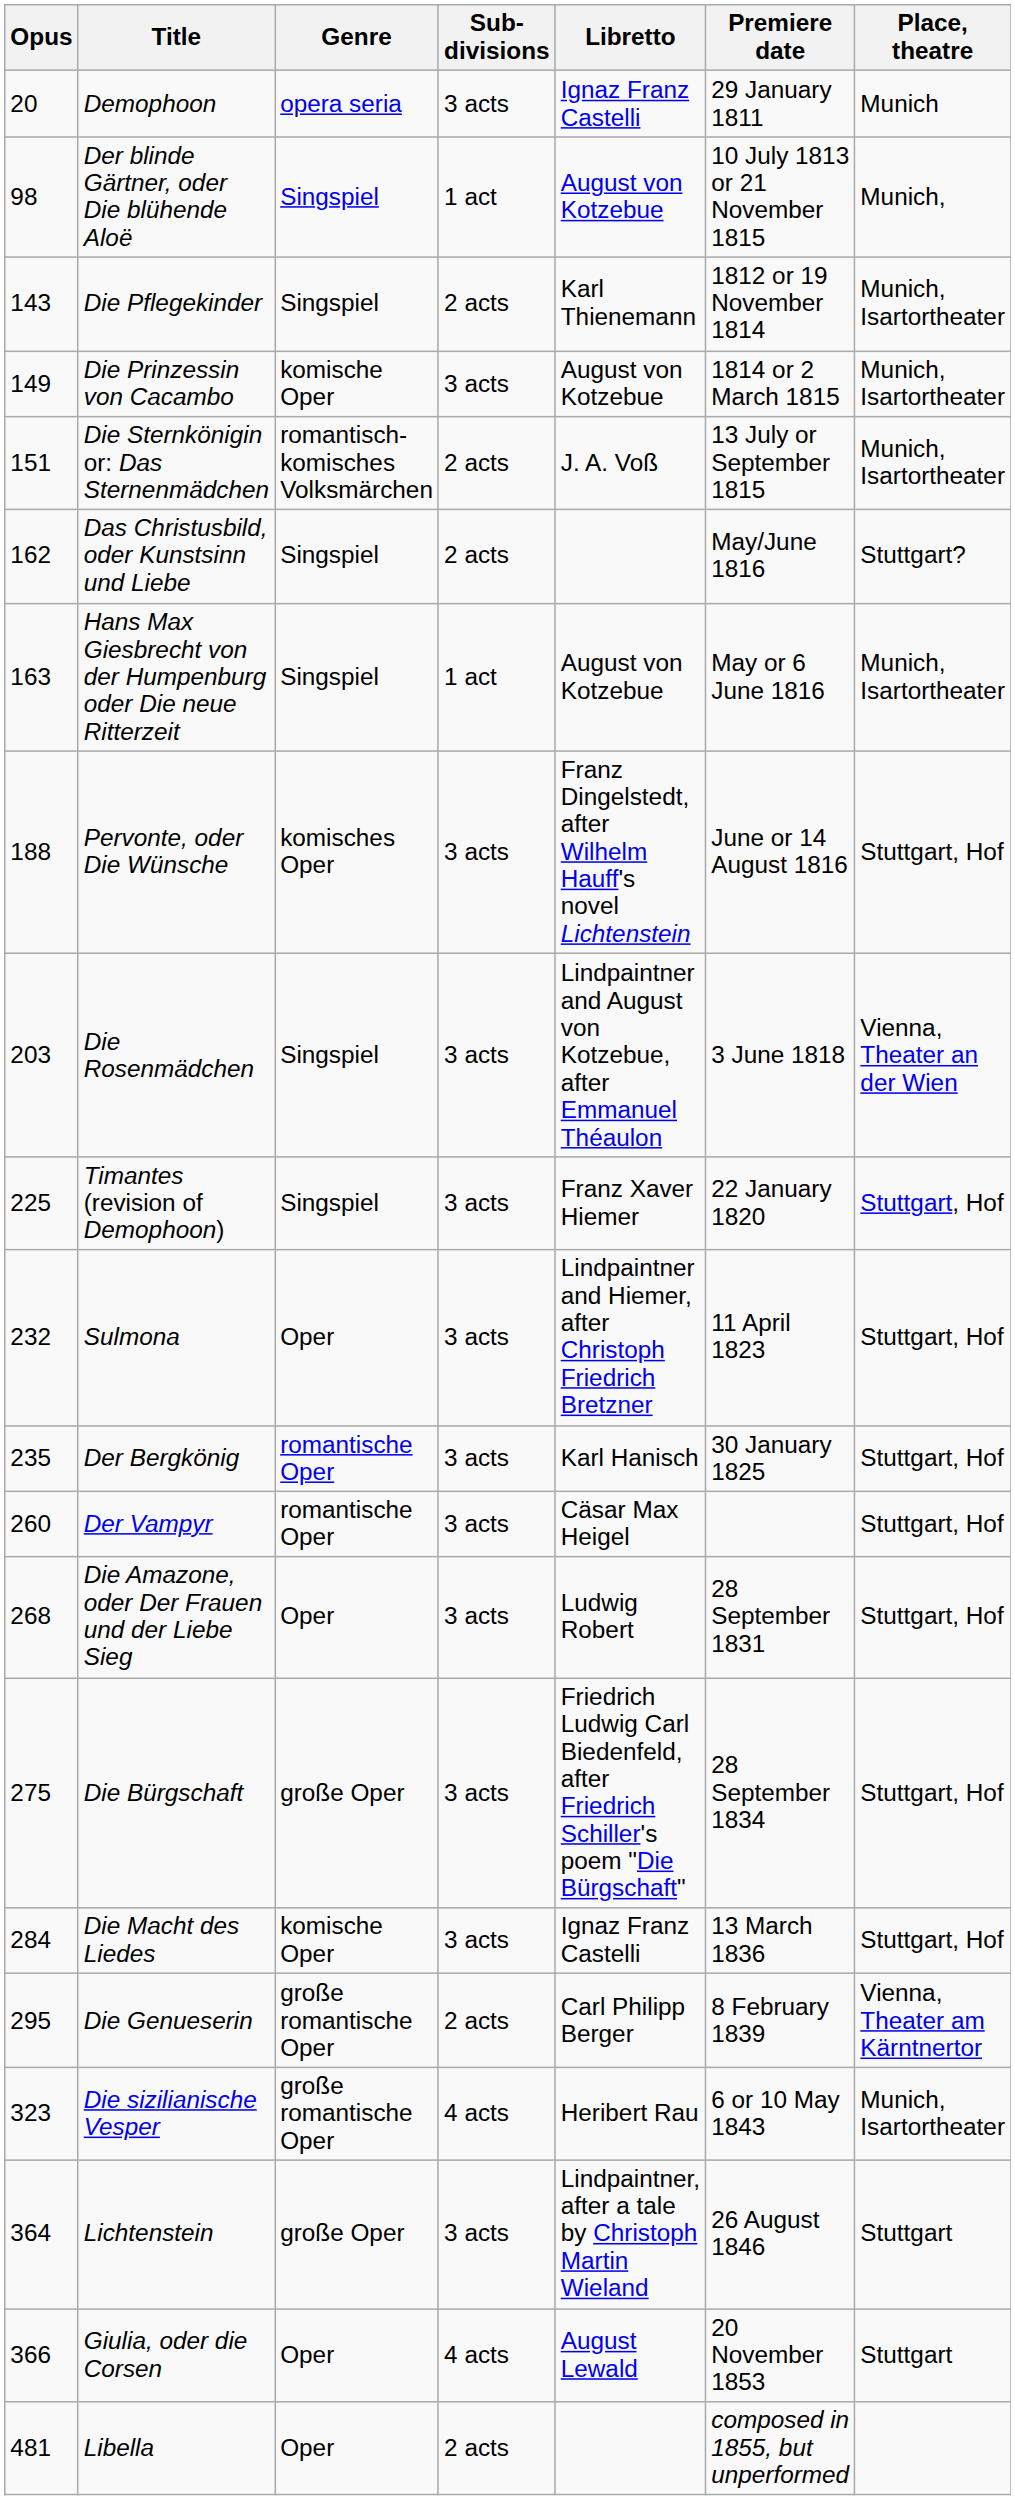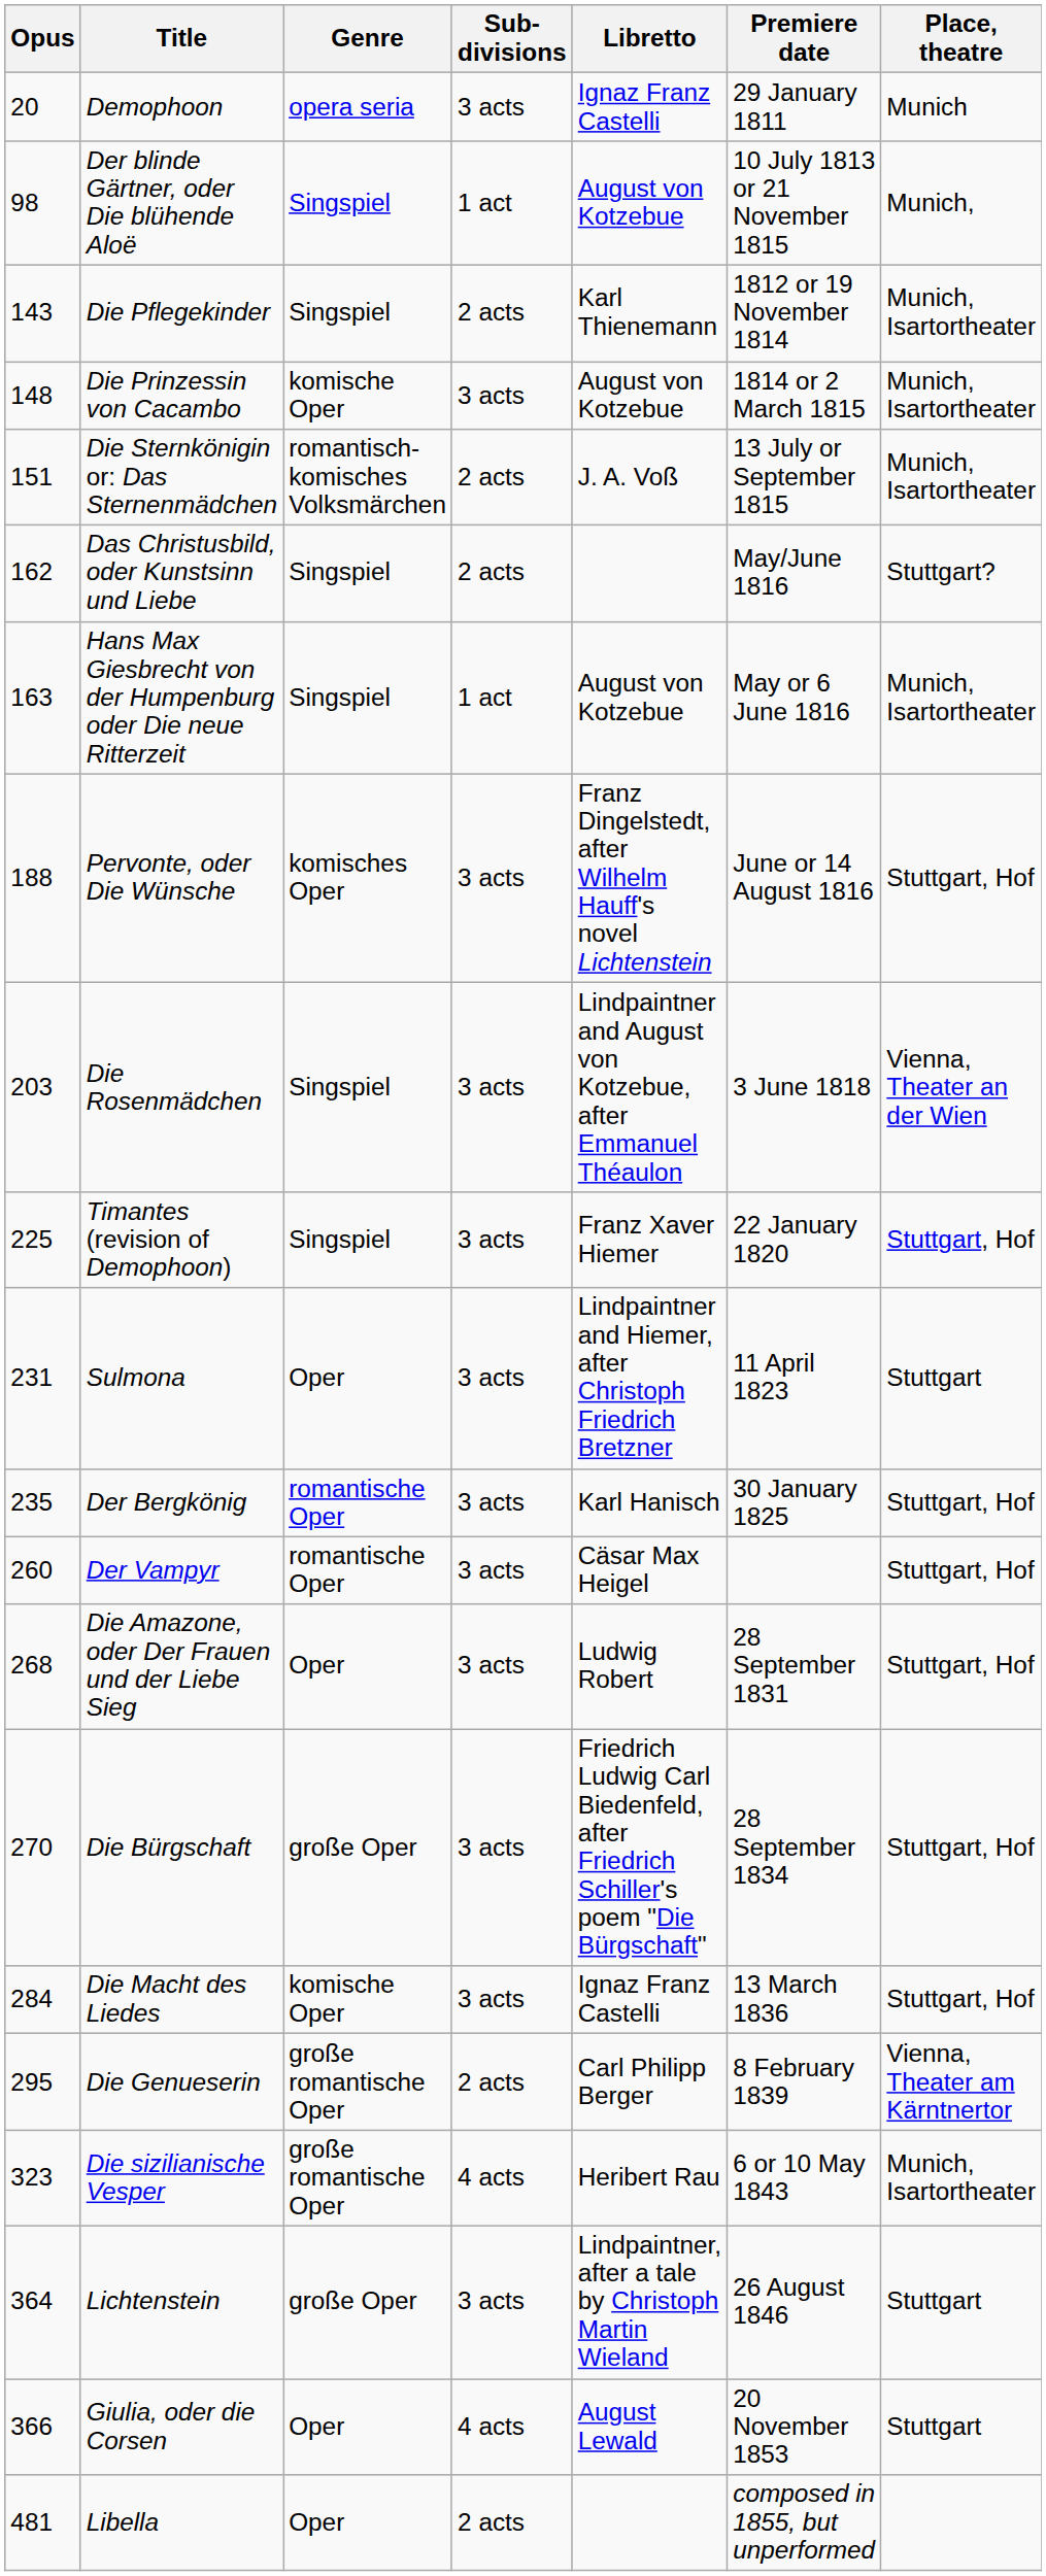 <table class="wikitable sortable">
 <tr>
 <th>Opus</th>
 <th>Title</th>
 <th>Genre</th>
 <th>Sub­divisions</th>
 <th>Libretto</th>
 <th>Premiere date</th>
 <th>Place, theatre</th>
 </tr>
 <tr>
 <td>20</td>
 <td><em>Demophoon</em></td>
 <td><a href='#'>opera seria</a></td>
 <td>3 acts</td>
 <td><a href='#'>Ignaz Franz Castelli</a></td>
 <td>29 January 1811</td>
 <td>Munich</td>
 </tr>
 <tr>
 <td>98</td>
 <td><em>Der blinde Gärtner, oder Die blühende Aloë</em></td>
 <td><a href='#'>Singspiel</a></td>
 <td>1 act</td>
 <td><a href='#'>August von Kotzebue</a></td>
 <td>10 July 1813 or 21 November 1815</td>
 <td>Munich, </td>
 </tr>
 <tr>
 <td>143</td>
 <td><em>Die Pflegekinder</em></td>
 <td>Singspiel</td>
 <td>2 acts</td>
 <td>Karl Thienemann</td>
 <td>1812 or 19 November 1814</td>
 <td>Munich, Isartortheater</td>
 </tr>
 <tr>
-<td>149</td>
+<td>148</td>
 <td><em>Die Prinzessin von Cacambo</em></td>
 <td>komische Oper</td>
 <td>3 acts</td>
 <td>August von Kotzebue</td>
 <td>1814 or 2 March 1815</td>
 <td>Munich, Isartortheater</td>
 </tr>
 <tr>
 <td>151</td>
 <td><em>Die Sternkönigin</em> or: <em>Das Sternenmädchen</em></td>
 <td>romantisch-komisches Volksmärchen</td>
 <td>2 acts</td>
 <td>J. A. Voß</td>
 <td>13 July or September 1815</td>
 <td>Munich, Isartortheater</td>
 </tr>
 <tr>
 <td>162</td>
 <td><em>Das Christusbild, oder Kunstsinn und Liebe</em></td>
 <td>Singspiel</td>
 <td>2 acts</td>
 <td></td>
 <td>May/June 1816</td>
 <td>Stuttgart?</td>
 </tr>
 <tr>
 <td>163</td>
 <td><em>Hans Max Giesbrecht von der Humpenburg oder Die neue Ritterzeit</em></td>
 <td>Singspiel</td>
 <td>1 act</td>
 <td>August von Kotzebue</td>
 <td>May or 6 June 1816</td>
 <td>Munich, Isartortheater</td>
 </tr>
 <tr>
 <td>188</td>
 <td><em>Pervonte, oder Die Wünsche</em></td>
 <td>komisches Oper</td>
 <td>3 acts</td>
 <td>Franz Dingelstedt, after <a href='#'>Wilhelm Hauff</a>'s novel <em><a href='#'>Lichtenstein</a></em></td>
 <td>June or 14 August 1816</td>
 <td>Stuttgart, Hof</td>
 </tr>
 <tr>
 <td>203</td>
 <td><em>Die Rosenmädchen</em></td>
 <td>Singspiel</td>
 <td>3 acts</td>
 <td>Lindpaintner and August von Kotzebue, after <a href='#'>Emmanuel Théaulon</a></td>
 <td>3 June 1818</td>
 <td>Vienna, <a href='#'>Theater an der Wien</a></td>
 </tr>
 <tr>
 <td>225</td>
 <td><em>Timantes</em> (revision of <em>Demophoon</em>)</td>
 <td>Singspiel</td>
 <td>3 acts</td>
 <td>Franz Xaver Hiemer</td>
 <td>22 January 1820</td>
 <td><a href='#'>Stuttgart</a>, Hof</td>
 </tr>
 <tr>
-<td>232</td>
+<td>231</td>
 <td><em>Sulmona</em></td>
 <td>Oper</td>
 <td>3 acts</td>
 <td>Lindpaintner and Hiemer, after <a href='#'>Christoph Friedrich Bretzner</a></td>
 <td>11 April 1823</td>
-<td>Stuttgart, Hof</td>
+<td>Stuttgart</td>
 </tr>
 <tr>
 <td>235</td>
 <td><em>Der Bergkönig</em></td>
 <td><a href='#'>romantische Oper</a></td>
 <td>3 acts</td>
 <td>Karl Hanisch</td>
 <td>30 January 1825</td>
 <td>Stuttgart, Hof</td>
 </tr>
 <tr>
 <td>260</td>
 <td><em><a href='#'>Der Vampyr</a></em></td>
 <td>romantische Oper</td>
 <td>3 acts</td>
 <td>Cäsar Max Heigel</td>
 <td></td>
 <td>Stuttgart, Hof</td>
 </tr>
 <tr>
 <td>268</td>
 <td><em>Die Amazone, oder Der Frauen und der Liebe Sieg</em></td>
 <td>Oper</td>
 <td>3 acts</td>
 <td>Ludwig Robert</td>
 <td>28 September 1831</td>
 <td>Stuttgart, Hof</td>
 </tr>
 <tr>
-<td>275</td>
+<td>270</td>
 <td><em>Die Bürgschaft</em></td>
 <td>große Oper</td>
 <td>3 acts</td>
 <td>Friedrich Ludwig Carl Biedenfeld, after <a href='#'>Friedrich Schiller</a>'s poem "<a href='#'>Die Bürgschaft</a>"</td>
 <td>28 September 1834</td>
 <td>Stuttgart, Hof</td>
 </tr>
 <tr>
 <td>284</td>
 <td><em>Die Macht des Liedes</em></td>
 <td>komische Oper</td>
 <td>3 acts</td>
 <td>Ignaz Franz Castelli</td>
 <td>13 March 1836</td>
 <td>Stuttgart, Hof</td>
 </tr>
 <tr>
 <td>295</td>
 <td><em>Die Genueserin</em></td>
 <td>große romantische Oper</td>
 <td>2 acts</td>
 <td>Carl Philipp Berger</td>
 <td>8 February 1839</td>
 <td>Vienna, <a href='#'>Theater am Kärntnertor</a></td>
 </tr>
 <tr>
 <td>323</td>
 <td><em><a href='#'>Die sizilianische Vesper</a></em></td>
 <td>große romantische Oper</td>
 <td>4 acts</td>
 <td>Heribert Rau</td>
 <td>6 or 10 May 1843</td>
 <td>Munich, Isartortheater</td>
 </tr>
 <tr>
 <td>364</td>
 <td><em>Lichtenstein</em></td>
 <td>große Oper</td>
 <td>3 acts</td>
 <td>Lindpaintner, after a tale by <a href='#'>Christoph Martin Wieland</a></td>
 <td>26 August 1846</td>
 <td>Stuttgart</td>
 </tr>
 <tr>
 <td>366</td>
 <td><em>Giulia, oder die Corsen</em></td>
 <td>Oper</td>
 <td>4 acts</td>
 <td><a href='#'>August Lewald</a></td>
 <td>20 November 1853</td>
 <td>Stuttgart</td>
 </tr>
 <tr>
 <td>481</td>
 <td><em>Libella</em></td>
 <td>Oper</td>
 <td>2 acts</td>
 <td></td>
 <td><em>composed in 1855, but unperformed</em></td>
 <td></td>
 </tr>
 </table>
